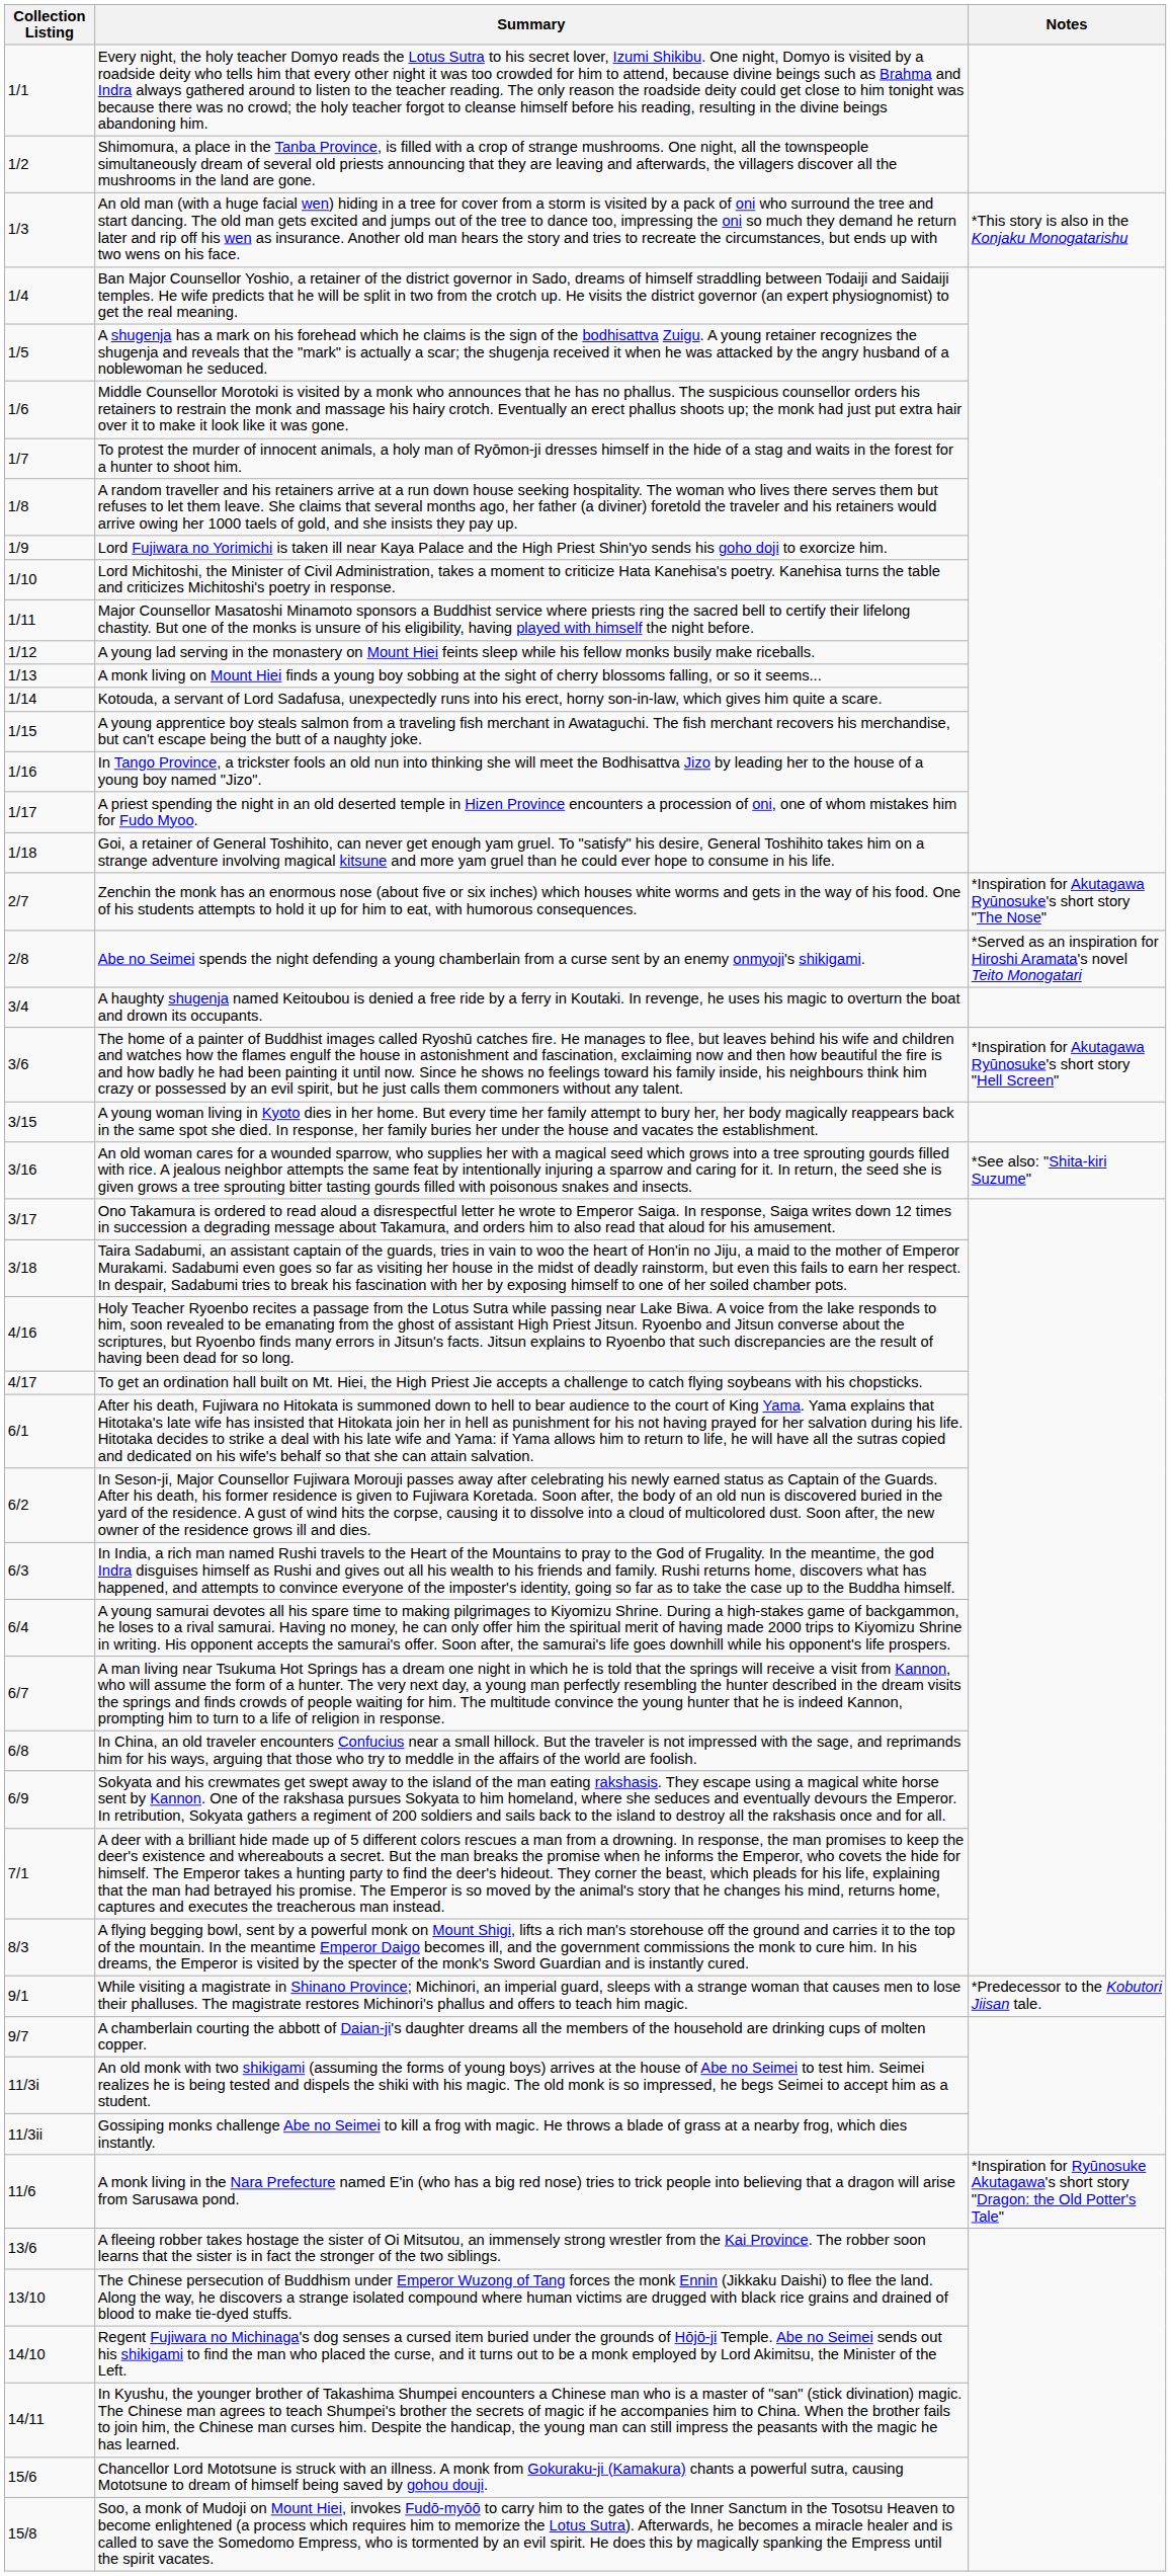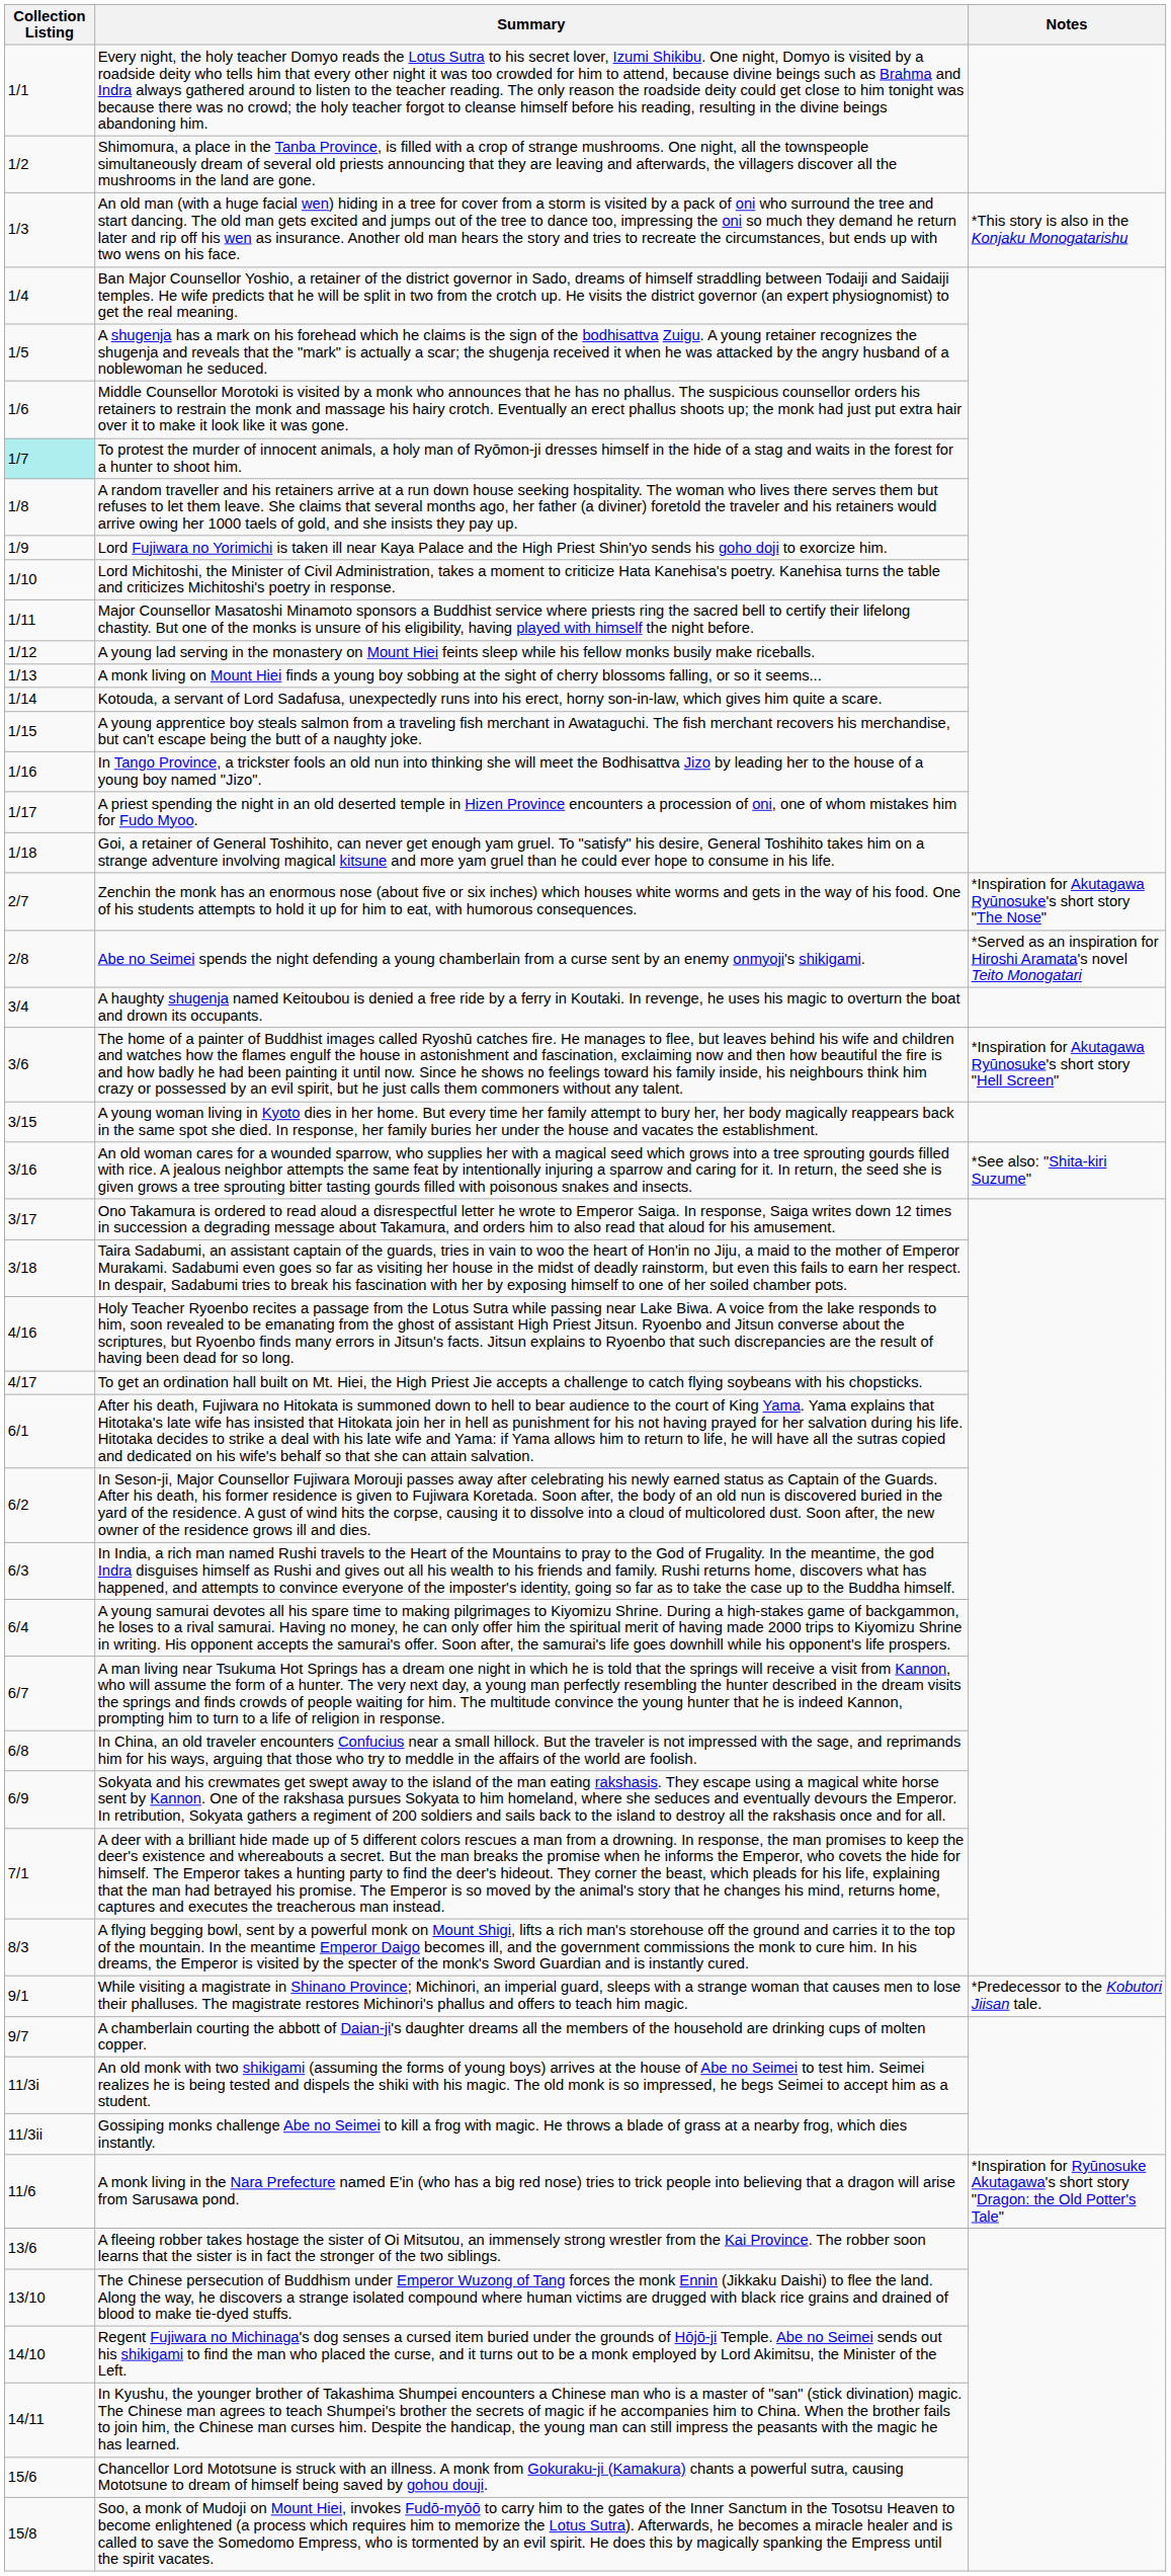 <table class="wikitable">
 <tr>
 <th>Collection Listing</th>
 <th>Summary</th>
 <th>Notes</th>
 </tr>
 <tr>
 <td>1/1</td>
 <td>Every night, the holy teacher Domyo reads the <a href='#'>Lotus Sutra</a> to his secret lover, <a href='#'>Izumi Shikibu</a>.  One night, Domyo is visited by a roadside deity who tells him that every other night it was too crowded for him to attend, because divine beings such as <a href='#'>Brahma</a> and <a href='#'>Indra</a> always gathered around to listen to the teacher reading.  The only reason the roadside deity could get close to him tonight was because there was no crowd; the holy teacher forgot to cleanse himself before his reading, resulting in the divine beings abandoning him.</td>
 </tr>
 <tr>
 <td>1/2</td>
 <td>Shimomura, a place in the <a href='#'>Tanba Province</a>, is filled with a crop of strange mushrooms.  One night, all the townspeople simultaneously dream of several old priests announcing that they are leaving and afterwards, the villagers discover all the mushrooms in the land are gone.</td>
 </tr>
 <tr>
 <td>1/3</td>
 <td>An old man (with a huge facial <a href='#'>wen</a>) hiding in a tree for cover from a storm is visited by a pack of <a href='#'>oni</a> who surround the tree and start dancing.  The old man gets excited and jumps out of the tree to dance too, impressing the <a href='#'>oni</a> so much they demand he return later and rip off his <a href='#'>wen</a> as insurance.  Another old man hears the story and tries to recreate the circumstances, but ends up with two wens on his face.</td>
 <td>*This story is also in the <em><a href='#'>Konjaku Monogatarishu</a></em></td>
 </tr>
 <tr>
 <td>1/4</td>
 <td>Ban Major Counsellor Yoshio, a retainer of the district governor in Sado, dreams of himself straddling between Todaiji and Saidaiji temples.  He wife predicts that he will be split in two from the crotch up.  He visits the district governor (an expert physiognomist) to get the real meaning.</td>
 </tr>
 <tr>
 <td>1/5</td>
 <td>A <a href='#'>shugenja</a> has a mark on his forehead which he claims is the sign of the <a href='#'>bodhisattva</a> <a href='#'>Zuigu</a>.  A young retainer recognizes the shugenja and reveals that the "mark" is actually a scar; the shugenja received it when he was attacked by the angry husband of a noblewoman he seduced.</td>
 </tr>
 <tr>
 <td>1/6</td>
 <td>Middle Counsellor Morotoki is visited by a monk who announces that he has no phallus.  The suspicious counsellor orders his retainers to restrain the monk and massage his hairy crotch.  Eventually an erect phallus shoots up; the monk had just put extra hair over it to make it look like it was gone.</td>
 </tr>
 <tr>
-<td>1/7</td>
+<td style="background: paleturquoise;">1/7</td>
 <td>To protest the murder of innocent animals, a holy man of Ryōmon-ji dresses himself in the hide of a stag and waits in the forest for a hunter to shoot him.</td>
 </tr>
 <tr>
 <td>1/8</td>
 <td>A random traveller and his retainers arrive at a run down house seeking hospitality.  The woman who lives there serves them but refuses to let them leave.  She claims that several months ago, her father (a diviner) foretold the traveler and his retainers would arrive owing her 1000 taels of gold, and she insists they pay up.</td>
 </tr>
 <tr>
 <td>1/9</td>
 <td>Lord <a href='#'>Fujiwara no Yorimichi</a> is taken ill near Kaya Palace and the High Priest Shin'yo sends his <a href='#'>goho doji</a> to exorcize him.</td>
 </tr>
 <tr>
 <td>1/10</td>
 <td>Lord Michitoshi, the Minister of Civil Administration, takes a moment to criticize Hata Kanehisa's poetry.  Kanehisa turns the table and criticizes Michitoshi's poetry in response.</td>
 </tr>
 <tr>
 <td>1/11</td>
 <td>Major Counsellor Masatoshi Minamoto sponsors a Buddhist service where priests ring the sacred bell to certify their lifelong chastity.  But one of the monks is unsure of his eligibility, having <a href='#'>played with himself</a> the night before.</td>
 </tr>
 <tr>
 <td>1/12</td>
 <td>A young lad serving in the monastery on <a href='#'>Mount Hiei</a> feints sleep while his fellow monks busily make riceballs.</td>
 </tr>
 <tr>
 <td>1/13</td>
 <td>A monk living on <a href='#'>Mount Hiei</a> finds a young boy sobbing at the sight of cherry blossoms falling, or so it seems...</td>
 </tr>
 <tr>
 <td>1/14</td>
 <td>Kotouda, a servant of Lord Sadafusa, unexpectedly runs into his erect, horny son-in-law, which gives him quite a scare.</td>
 </tr>
 <tr>
 <td>1/15</td>
 <td>A young apprentice boy steals salmon from a traveling fish merchant in Awataguchi.  The fish merchant recovers his merchandise, but can't escape being the butt of a naughty joke.</td>
 </tr>
 <tr>
 <td>1/16</td>
 <td>In <a href='#'>Tango Province</a>, a trickster fools an old nun into thinking she will meet the Bodhisattva <a href='#'>Jizo</a> by leading her to the house of a young boy named "Jizo".</td>
 </tr>
 <tr>
 <td>1/17</td>
 <td>A priest spending the night in an old deserted temple in <a href='#'>Hizen Province</a> encounters a procession of <a href='#'>oni</a>, one of whom mistakes him for <a href='#'>Fudo Myoo</a>.</td>
 </tr>
 <tr>
 <td>1/18</td>
 <td>Goi, a retainer of General Toshihito, can never get enough yam gruel.  To "satisfy" his desire, General Toshihito takes him on a strange adventure involving magical <a href='#'>kitsune</a> and more yam gruel than he could ever hope to consume in his life.</td>
 </tr>
 <tr>
 <td>2/7</td>
 <td>Zenchin the monk has an enormous nose (about five or six inches) which houses white worms and gets in the way of his food.  One of his students attempts to hold it up for him to eat, with humorous consequences.</td>
 <td>*Inspiration for <a href='#'>Akutagawa Ryūnosuke</a>'s short story "<a href='#'>The Nose</a>"</td>
 </tr>
 <tr>
 <td>2/8</td>
 <td><a href='#'>Abe no Seimei</a> spends the night defending a young chamberlain from a curse sent by an enemy <a href='#'>onmyoji</a>'s <a href='#'>shikigami</a>.</td>
 <td>*Served as an inspiration for <a href='#'>Hiroshi Aramata</a>'s novel <em><a href='#'>Teito Monogatari</a></em></td>
 </tr>
 <tr>
 <td>3/4</td>
 <td>A haughty <a href='#'>shugenja</a> named Keitoubou is denied a free ride by a ferry in Koutaki.  In revenge, he uses his magic to overturn the boat and drown its occupants.</td>
 </tr>
 <tr>
 <td>3/6</td>
 <td>The home of a painter of Buddhist images called Ryoshū catches fire. He manages to flee, but leaves behind his wife and children and watches how the flames engulf the house in astonishment and fascination, exclaiming now and then how beautiful the fire is and how badly he had been painting it until now. Since he shows no feelings toward his family inside, his neighbours think him crazy or possessed by an evil spirit, but he just calls them commoners without any talent.</td>
 <td>*Inspiration for <a href='#'>Akutagawa Ryūnosuke</a>'s short story "<a href='#'>Hell Screen</a>"</td>
 </tr>
 <tr>
 <td>3/15</td>
 <td>A young woman living in <a href='#'>Kyoto</a> dies in her home.  But every time her family attempt to bury her, her body magically reappears back in the same spot she died.  In response, her family buries her under the house and vacates the establishment.</td>
 </tr>
 <tr>
 <td>3/16</td>
 <td>An old woman cares for a wounded sparrow, who supplies her with a magical seed which grows into a tree sprouting gourds filled with rice.  A jealous neighbor attempts the same feat by intentionally injuring a sparrow and caring for it.  In return, the seed she is given grows a tree sprouting bitter tasting gourds filled with poisonous snakes and insects.</td>
 <td>*See also: "<a href='#'>Shita-kiri Suzume</a>"</td>
 </tr>
 <tr>
 <td>3/17</td>
 <td>Ono Takamura is ordered to read aloud a disrespectful letter he wrote to Emperor Saiga.  In response, Saiga writes down 12 times in succession a degrading message about Takamura, and orders him to also read that aloud for his amusement.</td>
 </tr>
 <tr>
 <td>3/18</td>
 <td>Taira Sadabumi, an assistant captain of the guards, tries in vain to woo the heart of Hon'in no Jiju, a maid to the mother of Emperor Murakami.  Sadabumi even goes so far as visiting her house in the midst of deadly rainstorm, but even this fails to earn her respect.  In despair, Sadabumi tries to break his fascination with her by exposing himself to one of her soiled chamber pots.</td>
 </tr>
 <tr>
 <td>4/16</td>
 <td>Holy Teacher Ryoenbo recites a passage from the Lotus Sutra while passing near Lake Biwa.  A voice from the lake responds to him, soon revealed to be emanating from the ghost of assistant High Priest Jitsun.  Ryoenbo and Jitsun converse about the scriptures, but Ryoenbo finds many errors in Jitsun's facts.  Jitsun explains to Ryoenbo that such discrepancies are the result of having been dead for so long.</td>
 </tr>
 <tr>
 <td>4/17</td>
 <td>To get an ordination hall built on Mt. Hiei, the High Priest Jie accepts a challenge to catch flying soybeans with his chopsticks.</td>
 </tr>
 <tr>
 <td>6/1</td>
 <td>After his death, Fujiwara no Hitokata is summoned down to hell to bear audience to the court of King <a href='#'>Yama</a>.  Yama explains that Hitotaka's late wife has insisted that Hitokata join her in hell as punishment for his not having prayed for her salvation during his life.  Hitotaka decides to strike a deal with his late wife and Yama: if Yama allows him to return to life, he will have all the sutras copied and dedicated on his wife's behalf so that she can attain salvation.</td>
 </tr>
 <tr>
 <td>6/2</td>
 <td>In Seson-ji, Major Counsellor Fujiwara Morouji passes away after celebrating his newly earned status as Captain of the Guards.  After his death, his former residence is given to Fujiwara Koretada.  Soon after, the body of an old nun is discovered buried in the yard of the residence.  A gust of wind hits the corpse, causing it to dissolve into a cloud of multicolored dust.  Soon after, the new owner of the residence grows ill and dies.</td>
 </tr>
 <tr>
 <td>6/3</td>
 <td>In India, a rich man named Rushi travels to the Heart of the Mountains to pray to the God of Frugality.  In the meantime, the god <a href='#'>Indra</a> disguises himself as Rushi and gives out all his wealth to his friends and family.  Rushi returns home, discovers what has happened, and attempts to convince everyone of the imposter's identity, going so far as to take the case up to the Buddha himself.</td>
 </tr>
 <tr>
 <td>6/4</td>
 <td>A young samurai devotes all his spare time to making pilgrimages to Kiyomizu Shrine.  During a high-stakes game of backgammon, he loses to a rival samurai.  Having no money, he can only offer him the spiritual merit of having made 2000 trips to Kiyomizu Shrine in writing.  His opponent accepts the samurai's offer.  Soon after, the samurai's life goes downhill while his opponent's life prospers.</td>
 </tr>
 <tr>
 <td>6/7</td>
 <td>A man living near Tsukuma Hot Springs has a dream one night in which he is told that the springs will receive a visit from <a href='#'>Kannon</a>, who will assume the form of a hunter.  The very next day, a young man perfectly resembling the hunter described in the dream visits the springs and finds crowds of people waiting for him.  The multitude convince the young hunter that he is indeed Kannon, prompting him to turn to a life of religion in response.</td>
 </tr>
 <tr>
 <td>6/8</td>
 <td>In China, an old traveler encounters <a href='#'>Confucius</a> near a small hillock.  But the traveler is not impressed with the sage, and reprimands him for his ways, arguing that those who try to meddle in the affairs of the world are foolish.</td>
 </tr>
 <tr>
 <td>6/9</td>
 <td>Sokyata and his crewmates get swept away to the island of the man eating <a href='#'>rakshasis</a>.  They escape using a magical white horse sent by <a href='#'>Kannon</a>.  One of the rakshasa pursues Sokyata to him homeland, where she seduces and eventually devours the Emperor.  In retribution, Sokyata gathers a regiment of 200 soldiers and sails back to the island to destroy all the rakshasis once and for all.</td>
 </tr>
 <tr>
 <td>7/1</td>
 <td>A deer with a brilliant hide made up of 5 different colors rescues a man from a drowning.  In response, the man promises to keep the deer's existence and whereabouts a secret.  But the man breaks the promise when he informs the Emperor, who covets the hide for himself.  The Emperor takes a hunting party to find the deer's hideout.  They corner the beast, which pleads for his life, explaining that the man had betrayed his promise.  The Emperor is so moved by the animal's story that he changes his mind, returns home, captures and executes the treacherous man instead.</td>
 </tr>
 <tr>
 <td>8/3</td>
 <td>A flying begging bowl, sent by a powerful monk on <a href='#'>Mount Shigi</a>, lifts a rich man's storehouse off the ground and carries it to the top of the mountain.  In the meantime <a href='#'>Emperor Daigo</a> becomes ill, and the government commissions the monk to cure him.  In his dreams, the Emperor is visited by the specter of the monk's Sword Guardian and is instantly cured.</td>
 </tr>
 <tr>
 <td>9/1</td>
 <td>While visiting a magistrate in <a href='#'>Shinano Province</a>; Michinori, an imperial guard, sleeps with a strange woman that causes men to lose their phalluses.  The magistrate restores Michinori's phallus and offers to teach him magic.</td>
 <td>*Predecessor to the <em><a href='#'>Kobutori Jiisan</a></em> tale.</td>
 </tr>
 <tr>
 <td>9/7</td>
 <td>A chamberlain courting the abbott of <a href='#'>Daian-ji</a>'s daughter dreams all the members of the household are drinking cups of molten copper.</td>
 </tr>
 <tr>
 <td>11/3i</td>
 <td>An old monk with two <a href='#'>shikigami</a> (assuming the forms of young boys) arrives at the house of <a href='#'>Abe no Seimei</a> to test him.  Seimei realizes he is being tested and dispels the shiki with his magic.  The old monk is so impressed, he begs Seimei to accept him as a student.</td>
 </tr>
 <tr>
 <td>11/3ii</td>
 <td>Gossiping monks challenge <a href='#'>Abe no Seimei</a> to kill a frog with magic.  He throws a blade of grass at a nearby frog, which dies instantly.</td>
 </tr>
 <tr>
 <td>11/6</td>
 <td>A monk living in the <a href='#'>Nara Prefecture</a> named E'in (who has a big red nose) tries to trick people into believing that a dragon will arise from Sarusawa pond.</td>
 <td>*Inspiration for <a href='#'>Ryūnosuke Akutagawa</a>'s short story "<a href='#'>Dragon: the Old Potter's Tale</a>"</td>
 </tr>
 <tr>
 <td>13/6</td>
 <td>A fleeing robber takes hostage the sister of Oi Mitsutou, an immensely strong wrestler from the <a href='#'>Kai Province</a>.  The robber soon learns that the sister is in fact the stronger of the two siblings.</td>
 </tr>
 <tr>
 <td>13/10</td>
 <td>The Chinese persecution of Buddhism under <a href='#'>Emperor Wuzong of Tang</a> forces the monk <a href='#'>Ennin</a> (Jikkaku Daishi) to flee the land.  Along the way, he discovers a strange isolated compound where human victims are drugged with black rice grains and drained of blood to make tie-dyed stuffs.</td>
 </tr>
 <tr>
 <td>14/10</td>
 <td>Regent <a href='#'>Fujiwara no Michinaga</a>'s dog senses a cursed item buried under the grounds of <a href='#'>Hōjō-ji</a> Temple.  <a href='#'>Abe no Seimei</a> sends out his <a href='#'>shikigami</a> to find the man who placed the curse, and it turns out to be a monk employed by Lord Akimitsu, the Minister of the Left.</td>
 </tr>
 <tr>
 <td>14/11</td>
 <td>In Kyushu, the younger brother of Takashima Shumpei encounters a Chinese man who is a master of "san" (stick divination) magic.  The Chinese man agrees to teach Shumpei's brother the secrets of magic if he accompanies him to China.  When the brother fails to join him, the Chinese man curses him.  Despite the handicap, the young man can still impress the peasants with the magic he has learned.</td>
 </tr>
 <tr>
 <td>15/6</td>
 <td>Chancellor Lord Mototsune is struck with an illness.  A monk from <a href='#'>Gokuraku-ji (Kamakura)</a> chants a powerful sutra, causing Mototsune to dream of himself being saved by <a href='#'>gohou douji</a>.</td>
 </tr>
 <tr>
 <td>15/8</td>
 <td>Soo, a monk of Mudoji on <a href='#'>Mount Hiei</a>, invokes <a href='#'>Fudō-myōō</a> to carry him to the gates of the Inner Sanctum in the Tosotsu Heaven to become enlightened (a process which requires him to memorize the <a href='#'>Lotus Sutra</a>).  Afterwards, he becomes a miracle healer and is called to save the Somedomo Empress, who is tormented by an evil spirit.  He does this by magically spanking the Empress until the spirit vacates.</td>
 </tr>
 </table>
